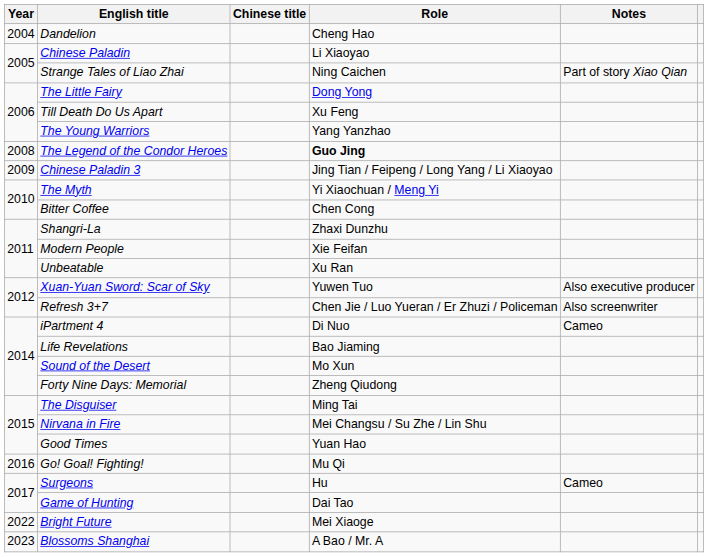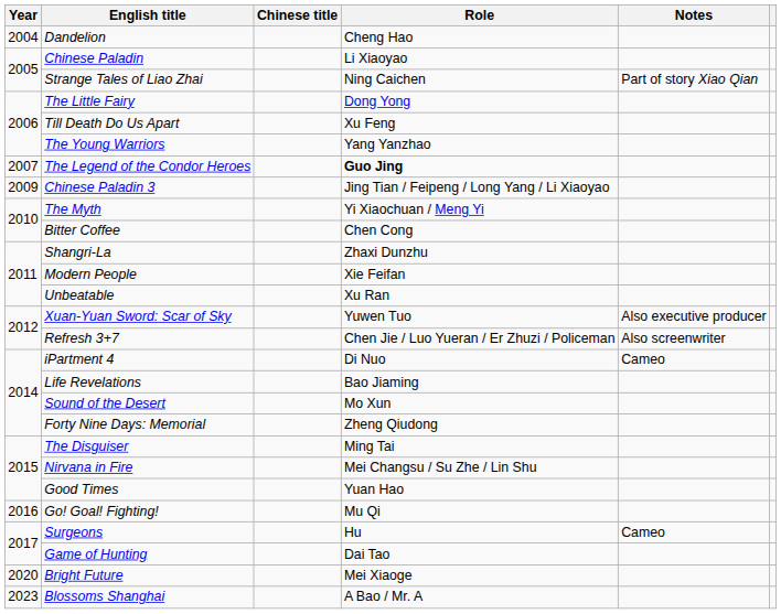 <table class="wikitable sortable plainrowheaders">
 <tr>
 <th>Year</th>
 <th>English title</th>
 <th>Chinese title</th>
 <th>Role</th>
 <th class="unsortable">Notes</th>
 <th class="unsortable"></th>
 </tr>
 <tr>
 <td>2004</td>
 <td><em>Dandelion</em></td>
 <td></td>
 <td>Cheng Hao</td>
 <td></td>
 <td></td>
 </tr>
 <tr>
 <td rowspan=2>2005</td>
 <td><em><a href='#'>Chinese Paladin</a></em></td>
 <td></td>
 <td>Li Xiaoyao</td>
 <td></td>
 <td></td>
 </tr>
 <tr>
 <td><em>Strange Tales of Liao Zhai</em></td>
 <td></td>
 <td>Ning Caichen</td>
 <td>Part of story <em>Xiao Qian</em></td>
 <td></td>
 </tr>
 <tr>
 <td rowspan=3>2006</td>
 <td><em><a href='#'>The Little Fairy</a></em></td>
 <td></td>
 <td><a href='#'>Dong Yong</a></td>
 <td></td>
 <td></td>
 </tr>
 <tr>
 <td><em>Till Death Do Us Apart</em></td>
 <td></td>
 <td>Xu Feng</td>
 <td></td>
 <td></td>
 </tr>
 <tr>
 <td><em><a href='#'>The Young Warriors</a></em></td>
 <td></td>
 <td>Yang Yanzhao</td>
 <td></td>
 <td></td>
 </tr>
 <tr>
-<td>2008</td>
+<td>2007</td>
 <td><em><a href='#'>The Legend of the Condor Heroes</a></em></td>
 <td></td>
 <td><strong>Guo Jing</strong></td>
 <td></td>
 <td></td>
 </tr>
 <tr>
 <td>2009</td>
 <td><em><a href='#'>Chinese Paladin 3</a></em></td>
 <td></td>
 <td>Jing Tian / Feipeng / Long Yang / Li Xiaoyao</td>
 <td></td>
 <td></td>
 </tr>
 <tr>
 <td rowspan=2>2010</td>
 <td><em><a href='#'>The Myth</a></em></td>
 <td></td>
 <td>Yi Xiaochuan / <a href='#'>Meng Yi</a></td>
 <td></td>
 <td></td>
 </tr>
 <tr>
 <td><em>Bitter Coffee</em></td>
 <td></td>
 <td>Chen Cong</td>
 <td></td>
 <td></td>
 </tr>
 <tr>
 <td rowspan=3>2011</td>
 <td><em>Shangri-La</em></td>
 <td></td>
 <td>Zhaxi Dunzhu</td>
 <td></td>
 <td></td>
 </tr>
 <tr>
 <td><em>Modern People</em></td>
 <td></td>
 <td>Xie Feifan</td>
 <td></td>
 <td></td>
 </tr>
 <tr>
 <td><em>Unbeatable</em></td>
 <td></td>
 <td>Xu Ran</td>
 <td></td>
 <td></td>
 </tr>
 <tr>
 <td rowspan=2>2012</td>
 <td><em><a href='#'>Xuan-Yuan Sword: Scar of Sky</a></em></td>
 <td></td>
 <td>Yuwen Tuo</td>
 <td>Also executive producer</td>
 <td></td>
 </tr>
 <tr>
 <td><em>Refresh 3+7</em></td>
 <td></td>
 <td>Chen Jie / Luo Yueran / Er Zhuzi / Policeman</td>
 <td>Also screenwriter</td>
 <td></td>
 </tr>
 <tr>
 <td rowspan=4>2014</td>
 <td><em>iPartment 4</em></td>
 <td></td>
 <td>Di Nuo</td>
 <td>Cameo</td>
 <td></td>
 </tr>
 <tr>
 <td><em>Life Revelations</em></td>
 <td></td>
 <td>Bao Jiaming</td>
 <td></td>
 <td></td>
 </tr>
 <tr>
 <td><em><a href='#'>Sound of the Desert</a></em></td>
 <td></td>
 <td>Mo Xun</td>
 <td></td>
 <td></td>
 </tr>
 <tr>
 <td><em>Forty Nine Days: Memorial</em></td>
 <td></td>
 <td>Zheng Qiudong</td>
 <td></td>
 <td></td>
 </tr>
 <tr>
 <td rowspan=3>2015</td>
 <td><em><a href='#'>The Disguiser</a></em></td>
 <td></td>
 <td>Ming Tai</td>
 <td></td>
 </tr>
 <tr>
 <td><em><a href='#'>Nirvana in Fire</a></em></td>
 <td></td>
 <td>Mei Changsu / Su Zhe / Lin Shu</td>
 <td></td>
 <td></td>
 </tr>
 <tr>
 <td><em>Good Times</em></td>
 <td></td>
 <td>Yuan Hao</td>
 <td></td>
 <td></td>
 </tr>
 <tr>
 <td>2016</td>
 <td><em>Go! Goal! Fighting!</em></td>
 <td></td>
 <td>Mu Qi</td>
 <td></td>
 </tr>
 <tr>
 <td rowspan=2>2017</td>
 <td><em><a href='#'>Surgeons</a></em></td>
 <td></td>
 <td>Hu</td>
 <td>Cameo</td>
 <td></td>
 </tr>
 <tr>
 <td><em><a href='#'>Game of Hunting</a></em></td>
 <td></td>
 <td>Dai Tao</td>
 <td></td>
 <td></td>
 </tr>
 <tr>
-<td>2022</td>
+<td>2020</td>
 <td><em><a href='#'>Bright Future</a></em></td>
 <td></td>
 <td>Mei Xiaoge</td>
 <td></td>
 <td></td>
 </tr>
 <tr>
 <td>2023</td>
 <td><em><a href='#'>Blossoms Shanghai</a></em></td>
 <td></td>
 <td>A Bao / Mr. A</td>
 <td></td>
 <td></td>
 </tr>
 </table>
